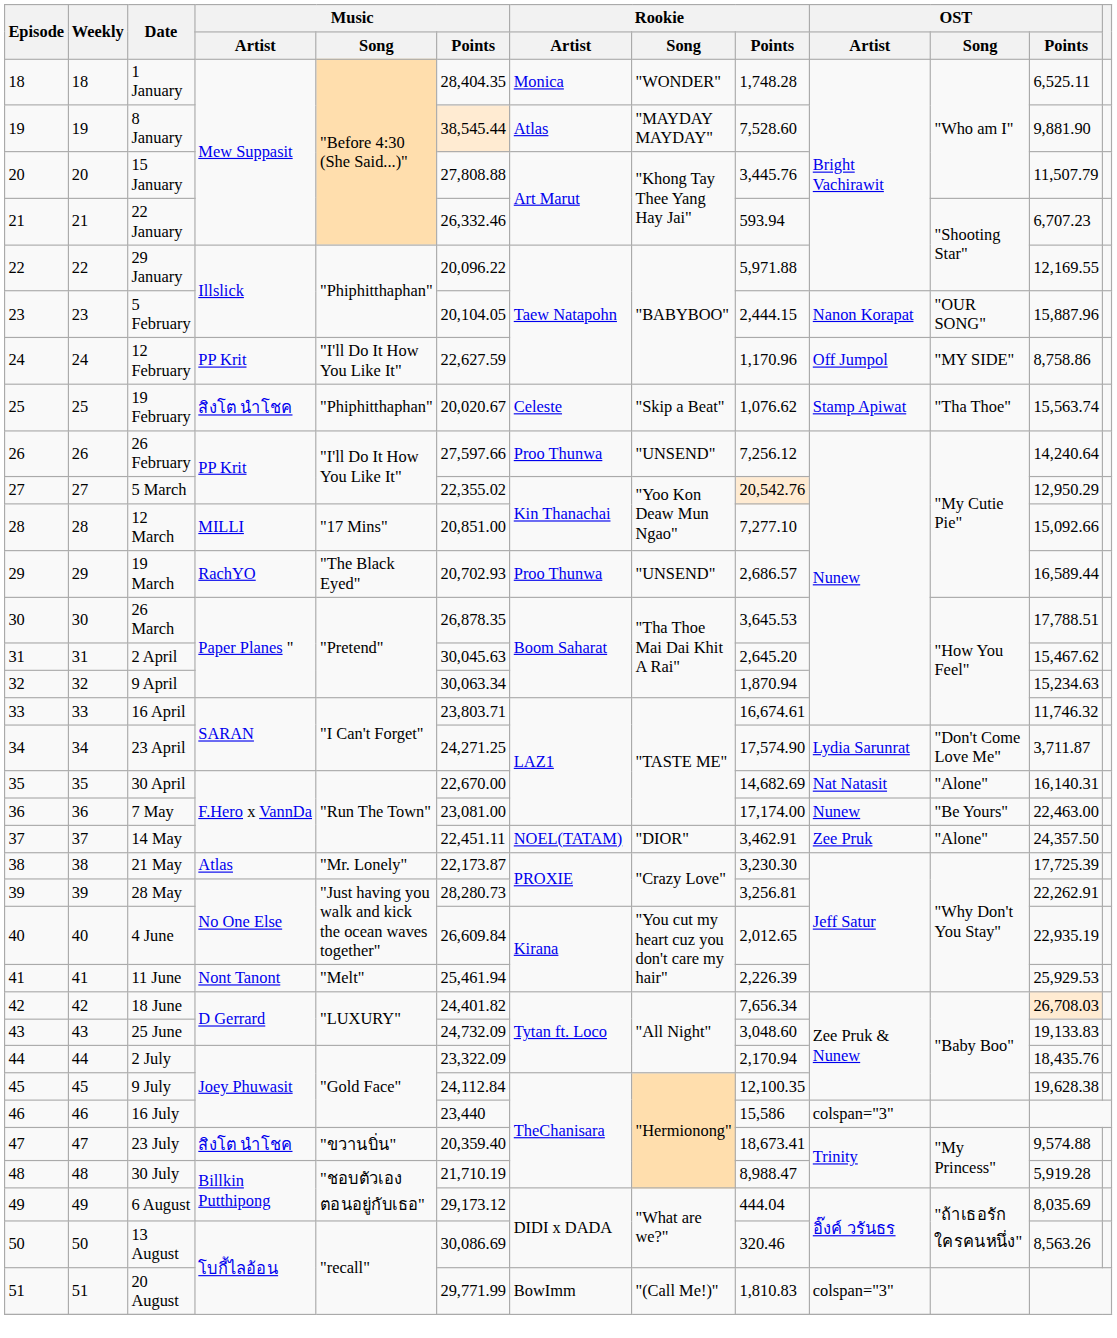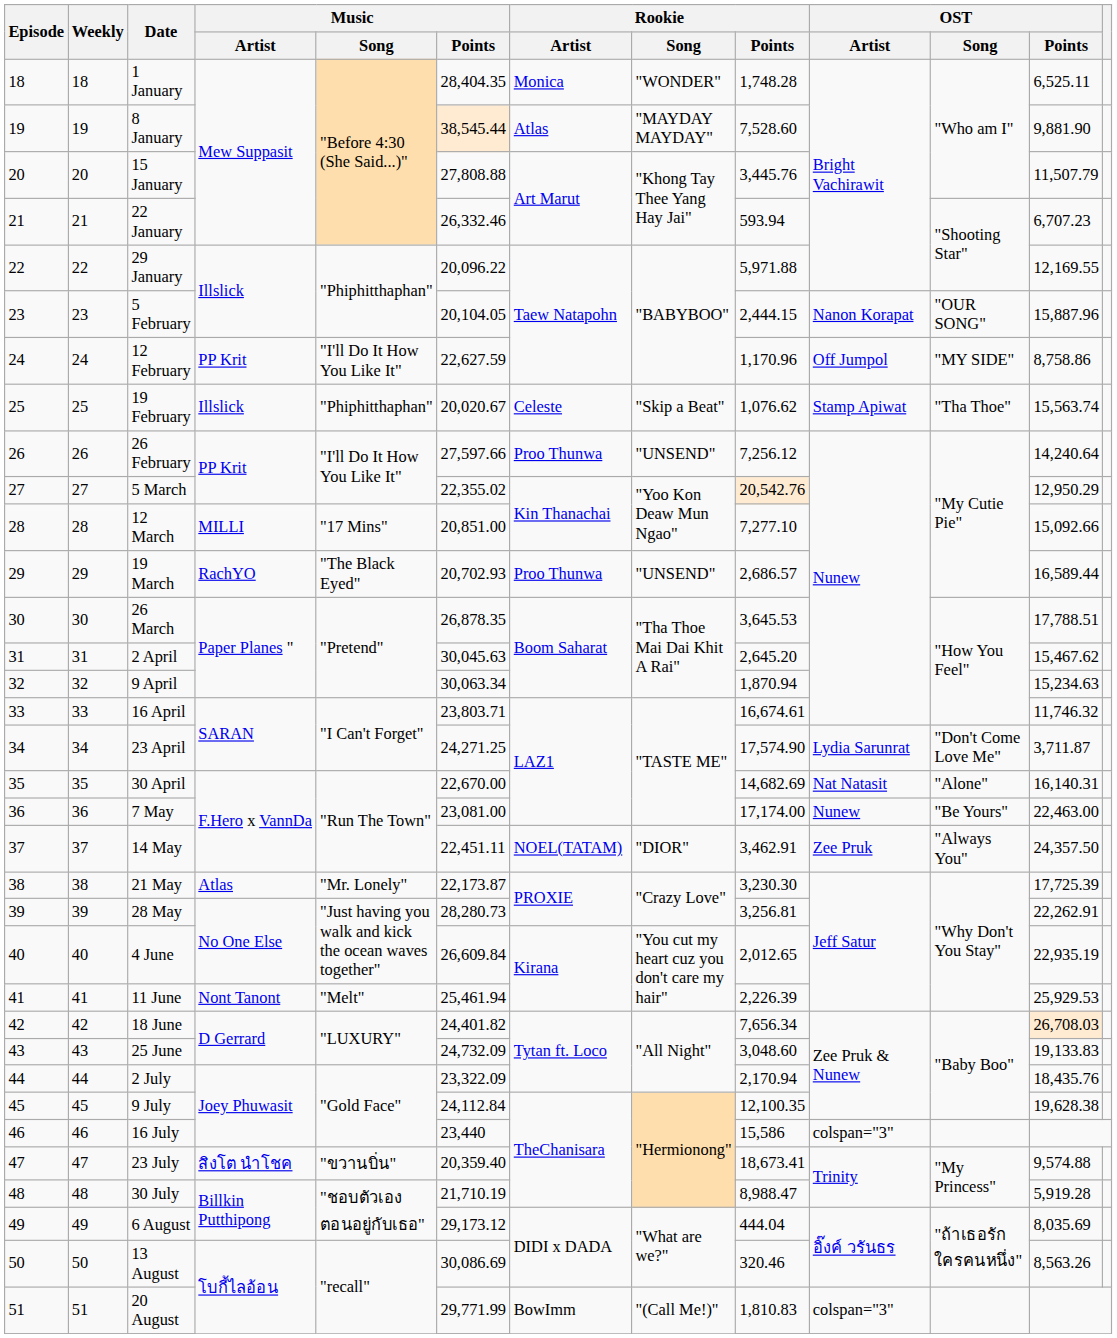 <table class="sortable wikitable" style="font-size: 90%;">
 <tr>
 <th rowspan="2">Episode</th>
 <th rowspan="2" scope="col" width="10">Weekly</th>
 <th scope="col" rowspan="2" width="50">Date</th>
 <th scope="col" colspan="3">Music</th>
 <th scope="col" colspan="3">Rookie</th>
 <th scope="col" colspan="3">OST</th>
 <th scope="col" rowspan="2"  width="1" class="unsortable"></th>
 </tr>
 <tr>
 <th width="100">Artist</th>
 <th width="80">Song</th>
 <th width="3">Points</th>
 <th width="100">Artist</th>
 <th width="80">Song</th>
 <th width="3">Points</th>
 <th width="100">Artist</th>
 <th width="80">Song</th>
 <th width="3">Points</th>
 </tr>
 <tr>
 <td>18</td>
 <td>18</td>
 <td>1 January</td>
 <td rowspan="4"><a href='#'>Mew Suppasit</a> </td>
 <td style="background-color:#FFDEAD" rowspan="4">"Before 4:30 (She Said...)"</td>
 <td>28,404.35</td>
 <td><a href='#'>Monica</a></td>
 <td>"WONDER"</td>
 <td>1,748.28</td>
 <td rowspan="5"><a href='#'>Bright Vachirawit</a> </td>
 <td rowspan="3">"Who am I" </td>
 <td>6,525.11</td>
 <td></td>
 </tr>
 <tr>
 <td>19</td>
 <td>19</td>
 <td>8 January</td>
 <td style="background-color:#FFEBD2">38,545.44</td>
 <td><a href='#'>Atlas</a></td>
 <td>"MAYDAY MAYDAY"</td>
 <td>7,528.60</td>
 <td>9,881.90</td>
 <td></td>
 </tr>
 <tr>
 <td>20</td>
 <td>20</td>
 <td>15 January</td>
 <td>27,808.88</td>
 <td rowspan="2"><a href='#'>Art Marut</a></td>
 <td rowspan="2">"Khong Tay Thee Yang Hay Jai"</td>
 <td>3,445.76</td>
 <td>11,507.79</td>
 <td></td>
 </tr>
 <tr>
 <td>21</td>
 <td>21</td>
 <td>22 January</td>
 <td>26,332.46</td>
 <td>593.94</td>
 <td rowspan="2">"Shooting Star" </td>
 <td>6,707.23</td>
 <td></td>
 </tr>
 <tr>
 <td>22</td>
 <td>22</td>
 <td>29 January</td>
 <td rowspan="2"><a href='#'>Illslick</a></td>
 <td rowspan="2">"Phiphitthaphan"</td>
 <td>20,096.22</td>
 <td rowspan="3"><a href='#'>Taew Natapohn</a> </td>
 <td rowspan="3">"BABYBOO"</td>
 <td>5,971.88</td>
 <td>12,169.55</td>
 <td></td>
 </tr>
 <tr>
 <td>23</td>
 <td>23</td>
 <td>5 February</td>
 <td>20,104.05</td>
 <td>2,444.15</td>
 <td><a href='#'>Nanon Korapat</a></td>
 <td>"OUR SONG" </td>
 <td>15,887.96</td>
 <td></td>
 </tr>
 <tr>
 <td>24</td>
 <td>24</td>
 <td>12 February</td>
 <td><a href='#'>PP Krit</a></td>
 <td>"I'll Do It How You Like It"</td>
 <td>22,627.59</td>
 <td>1,170.96</td>
 <td><a href='#'>Off Jumpol</a> </td>
 <td>"MY SIDE" </td>
 <td>8,758.86</td>
 <td></td>
 </tr>
 <tr>
 <td>25</td>
 <td>25</td>
 <td>19 February</td>
-<td><a href='#'>สิงโต นำโชค</a> </td>
+<td><a href='#'>Illslick</a></td>
 <td>"Phiphitthaphan"</td>
 <td>20,020.67</td>
 <td><a href='#'>Celeste</a></td>
 <td>"Skip a Beat"</td>
 <td>1,076.62</td>
 <td><a href='#'>Stamp Apiwat</a> </td>
 <td>"Tha Thoe" </td>
 <td>15,563.74</td>
 <td></td>
 </tr>
 <tr>
 <td>26</td>
 <td>26</td>
 <td>26 February</td>
 <td rowspan="2"><a href='#'>PP Krit</a></td>
 <td rowspan="2">"I'll Do It How You Like It"</td>
 <td>27,597.66</td>
 <td><a href='#'>Proo Thunwa</a></td>
 <td>"UNSEND"</td>
 <td>7,256.12</td>
 <td rowspan="8"><a href='#'>Nunew</a></td>
 <td rowspan="4">"My Cutie Pie" </td>
 <td>14,240.64</td>
 <td></td>
 </tr>
 <tr>
 <td>27</td>
 <td>27</td>
 <td>5 March</td>
 <td>22,355.02</td>
 <td rowspan="2"><a href='#'>Kin Thanachai</a></td>
 <td rowspan="2">"Yoo Kon Deaw Mun Ngao"</td>
 <td style="background-color:#FFEBD2">20,542.76</td>
 <td>12,950.29</td>
 <td></td>
 </tr>
 <tr>
 <td>28</td>
 <td>28</td>
 <td>12 March</td>
 <td><a href='#'>MILLI</a> </td>
 <td>"17 Mins"</td>
 <td>20,851.00</td>
 <td>7,277.10</td>
 <td>15,092.66</td>
 <td></td>
 </tr>
 <tr>
 <td>29</td>
 <td>29</td>
 <td>19 March</td>
 <td><a href='#'>RachYO</a></td>
 <td>"The Black Eyed"</td>
 <td>20,702.93</td>
 <td><a href='#'>Proo Thunwa</a></td>
 <td>"UNSEND"</td>
 <td>2,686.57</td>
 <td>16,589.44</td>
 <td></td>
 </tr>
 <tr>
 <td>30</td>
 <td>30</td>
 <td>26 March</td>
 <td rowspan="3"><a href='#'>Paper Planes</a> "</td>
 <td rowspan="3">"Pretend"</td>
 <td>26,878.35</td>
 <td rowspan="3"><a href='#'>Boom Saharat</a></td>
 <td rowspan="3">"Tha Thoe Mai Dai Khit A Rai"</td>
 <td>3,645.53</td>
 <td rowspan="4">"How You Feel" </td>
 <td>17,788.51</td>
 <td></td>
 </tr>
 <tr>
 <td>31</td>
 <td>31</td>
 <td>2 April</td>
 <td>30,045.63</td>
 <td>2,645.20</td>
 <td>15,467.62</td>
 <td></td>
 </tr>
 <tr>
 <td>32</td>
 <td>32</td>
 <td>9 April</td>
 <td>30,063.34</td>
 <td>1,870.94</td>
 <td>15,234.63</td>
 <td></td>
 </tr>
 <tr>
 <td>33</td>
 <td>33</td>
 <td>16 April</td>
 <td rowspan="2"><a href='#'>SARAN</a> </td>
 <td rowspan="2">"I Can't Forget"</td>
 <td>23,803.71</td>
 <td rowspan="4"><a href='#'>LAZ1</a></td>
 <td rowspan="4">"TASTE ME"</td>
 <td>16,674.61</td>
 <td>11,746.32</td>
 <td></td>
 </tr>
 <tr>
 <td>34</td>
 <td>34</td>
 <td>23 April</td>
 <td>24,271.25</td>
 <td>17,574.90</td>
 <td><a href='#'>Lydia Sarunrat</a></td>
 <td>"Don't Come Love Me" </td>
 <td>3,711.87</td>
 <td></td>
 </tr>
 <tr>
 <td>35</td>
 <td>35</td>
 <td>30 April</td>
 <td rowspan="3"><a href='#'>F.Hero</a> x <a href='#'>VannDa</a> </td>
 <td rowspan="3">"Run The Town"</td>
 <td>22,670.00</td>
 <td>14,682.69</td>
 <td><a href='#'>Nat Natasit</a></td>
 <td>"Alone" </td>
 <td>16,140.31</td>
 <td></td>
 </tr>
 <tr>
 <td>36</td>
 <td>36</td>
 <td>7 May</td>
 <td>23,081.00</td>
 <td>17,174.00</td>
 <td><a href='#'>Nunew</a></td>
 <td>"Be Yours" </td>
 <td>22,463.00</td>
 <td></td>
 </tr>
 <tr>
 <td>37</td>
 <td>37</td>
 <td>14 May</td>
 <td>22,451.11</td>
 <td><a href='#'>NOEL(TATAM)</a></td>
 <td>"DIOR"</td>
 <td>3,462.91</td>
 <td><a href='#'>Zee Pruk</a></td>
-<td>"Alone" </td>
+<td>"Always You" </td>
 <td>24,357.50</td>
 <td></td>
 </tr>
 <tr>
 <td>38</td>
 <td>38</td>
 <td>21 May</td>
 <td><a href='#'>Atlas</a></td>
 <td>"Mr. Lonely"</td>
 <td>22,173.87</td>
 <td rowspan="2"><a href='#'>PROXIE</a></td>
 <td rowspan="2">"Crazy Love"</td>
 <td>3,230.30</td>
 <td rowspan="4"><a href='#'>Jeff Satur</a></td>
 <td rowspan="4">"Why Don't You Stay" </td>
 <td>17,725.39</td>
 <td></td>
 </tr>
 <tr>
 <td>39</td>
 <td>39</td>
 <td>28 May</td>
 <td rowspan="2"><a href='#'>No One Else</a></td>
 <td rowspan="2">"Just having you walk and kick the ocean waves together"</td>
 <td>28,280.73</td>
 <td>3,256.81</td>
 <td>22,262.91</td>
 <td></td>
 </tr>
 <tr>
 <td>40</td>
 <td>40</td>
 <td>4 June</td>
 <td>26,609.84</td>
 <td rowspan="2"><a href='#'>Kirana</a></td>
 <td rowspan="2">"You cut my heart cuz you don't care my hair"</td>
 <td>2,012.65</td>
 <td>22,935.19</td>
 <td></td>
 </tr>
 <tr>
 <td>41</td>
 <td>41</td>
 <td>11 June</td>
 <td><a href='#'>Nont Tanont</a></td>
 <td>"Melt"</td>
 <td>25,461.94</td>
 <td>2,226.39</td>
 <td>25,929.53</td>
 <td></td>
 </tr>
 <tr>
 <td>42</td>
 <td>42</td>
 <td>18 June</td>
 <td rowspan="2"><a href='#'>D Gerrard</a></td>
 <td rowspan="2">"LUXURY"</td>
 <td>24,401.82</td>
 <td rowspan="3"><a href='#'>Tytan ft. Loco</a></td>
 <td rowspan="3">"All Night"</td>
 <td>7,656.34</td>
 <td rowspan="4">Zee Pruk & <a href='#'>Nunew</a></td>
 <td rowspan="4">"Baby Boo" </td>
 <td style="background-color:#FFEBD2">26,708.03</td>
 <td></td>
 </tr>
 <tr>
 <td>43</td>
 <td>43</td>
 <td>25 June</td>
 <td>24,732.09</td>
 <td>3,048.60</td>
 <td>19,133.83</td>
 <td></td>
 </tr>
 <tr>
 <td>44</td>
 <td>44</td>
 <td>2 July</td>
 <td rowspan="3"><a href='#'>Joey Phuwasit</a></td>
 <td rowspan="3">"Gold Face"</td>
 <td>23,322.09</td>
 <td>2,170.94</td>
 <td>18,435.76</td>
 <td></td>
 </tr>
 <tr>
 <td>45</td>
 <td>45</td>
 <td>9 July</td>
 <td>24,112.84</td>
 <td rowspan="4"><a href='#'>TheChanisara</a></td>
 <td style="background-color:#FFDEAD" rowspan="4">"Hermionong"</td>
 <td>12,100.35</td>
 <td>19,628.38</td>
 <td></td>
 </tr>
 <tr>
 <td>46</td>
 <td>46</td>
 <td>16 July</td>
 <td>23,440</td>
 <td>15,586</td>
 <td>colspan="3" </td>
 <td></td>
 </tr>
 <tr>
 <td>47</td>
 <td>47</td>
 <td>23 July</td>
 <td><a href='#'>สิงโต นำโชค</a> </td>
 <td>"ขวานบิ่น"</td>
 <td>20,359.40</td>
 <td>18,673.41</td>
 <td rowspan="2"><a href='#'>Trinity</a></td>
 <td rowspan="2">"My Princess" </td>
 <td>9,574.88</td>
 <td></td>
 </tr>
 <tr>
 <td>48</td>
 <td>48</td>
 <td>30 July</td>
 <td rowspan="2"><a href='#'>Billkin Putthipong</a></td>
 <td rowspan="2">"ชอบตัวเองตอนอยู่กับเธอ"</td>
 <td>21,710.19</td>
 <td>8,988.47</td>
 <td>5,919.28</td>
 <td></td>
 </tr>
 <tr>
 <td>49</td>
 <td>49</td>
 <td>6 August</td>
 <td>29,173.12</td>
 <td rowspan="2">DIDI x DADA</td>
 <td rowspan="2">"What are we?"</td>
 <td>444.04</td>
 <td rowspan="2"><a href='#'>อิ๊งค์ วรันธร</a></td>
 <td rowspan="2">"ถ้าเธอรักใครคนหนึ่ง" </td>
 <td>8,035.69</td>
 <td></td>
 </tr>
 <tr>
 <td>50</td>
 <td>50</td>
 <td>13 August</td>
 <td rowspan="3"><a href='#'>โบกี้ไลอ้อน</a></td>
 <td rowspan="3">"recall"</td>
 <td>30,086.69</td>
 <td>320.46</td>
 <td>8,563.26</td>
 <td></td>
 </tr>
 <tr>
 <td>51</td>
 <td>51</td>
 <td>20 August</td>
 <td>29,771.99</td>
 <td rowspan="3">BowImm</td>
 <td rowspan="3">"(Call Me!)"</td>
 <td>1,810.83</td>
 <td>colspan="3" </td>
 <td></td>
 </tr>
 <tr>
 </tr>
 </table>
